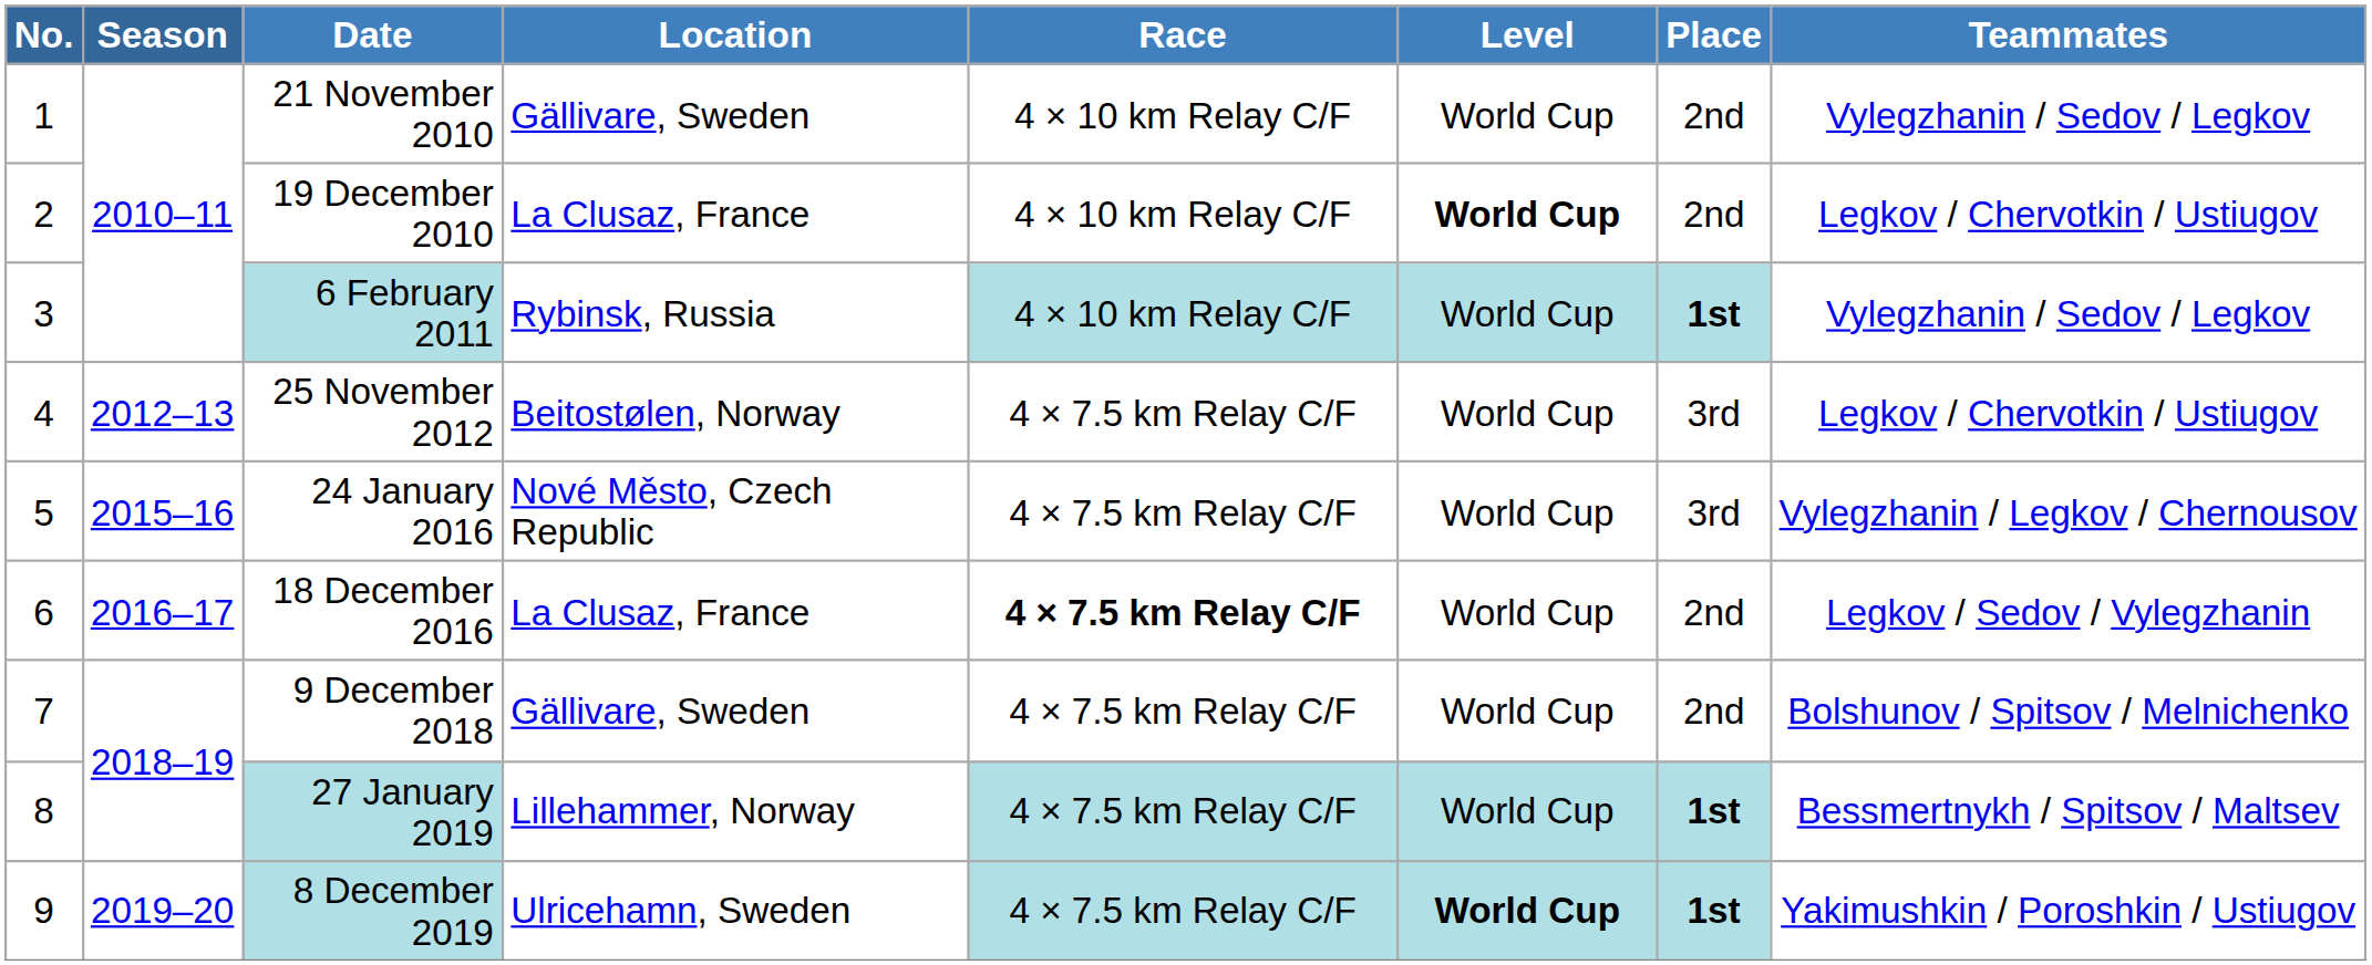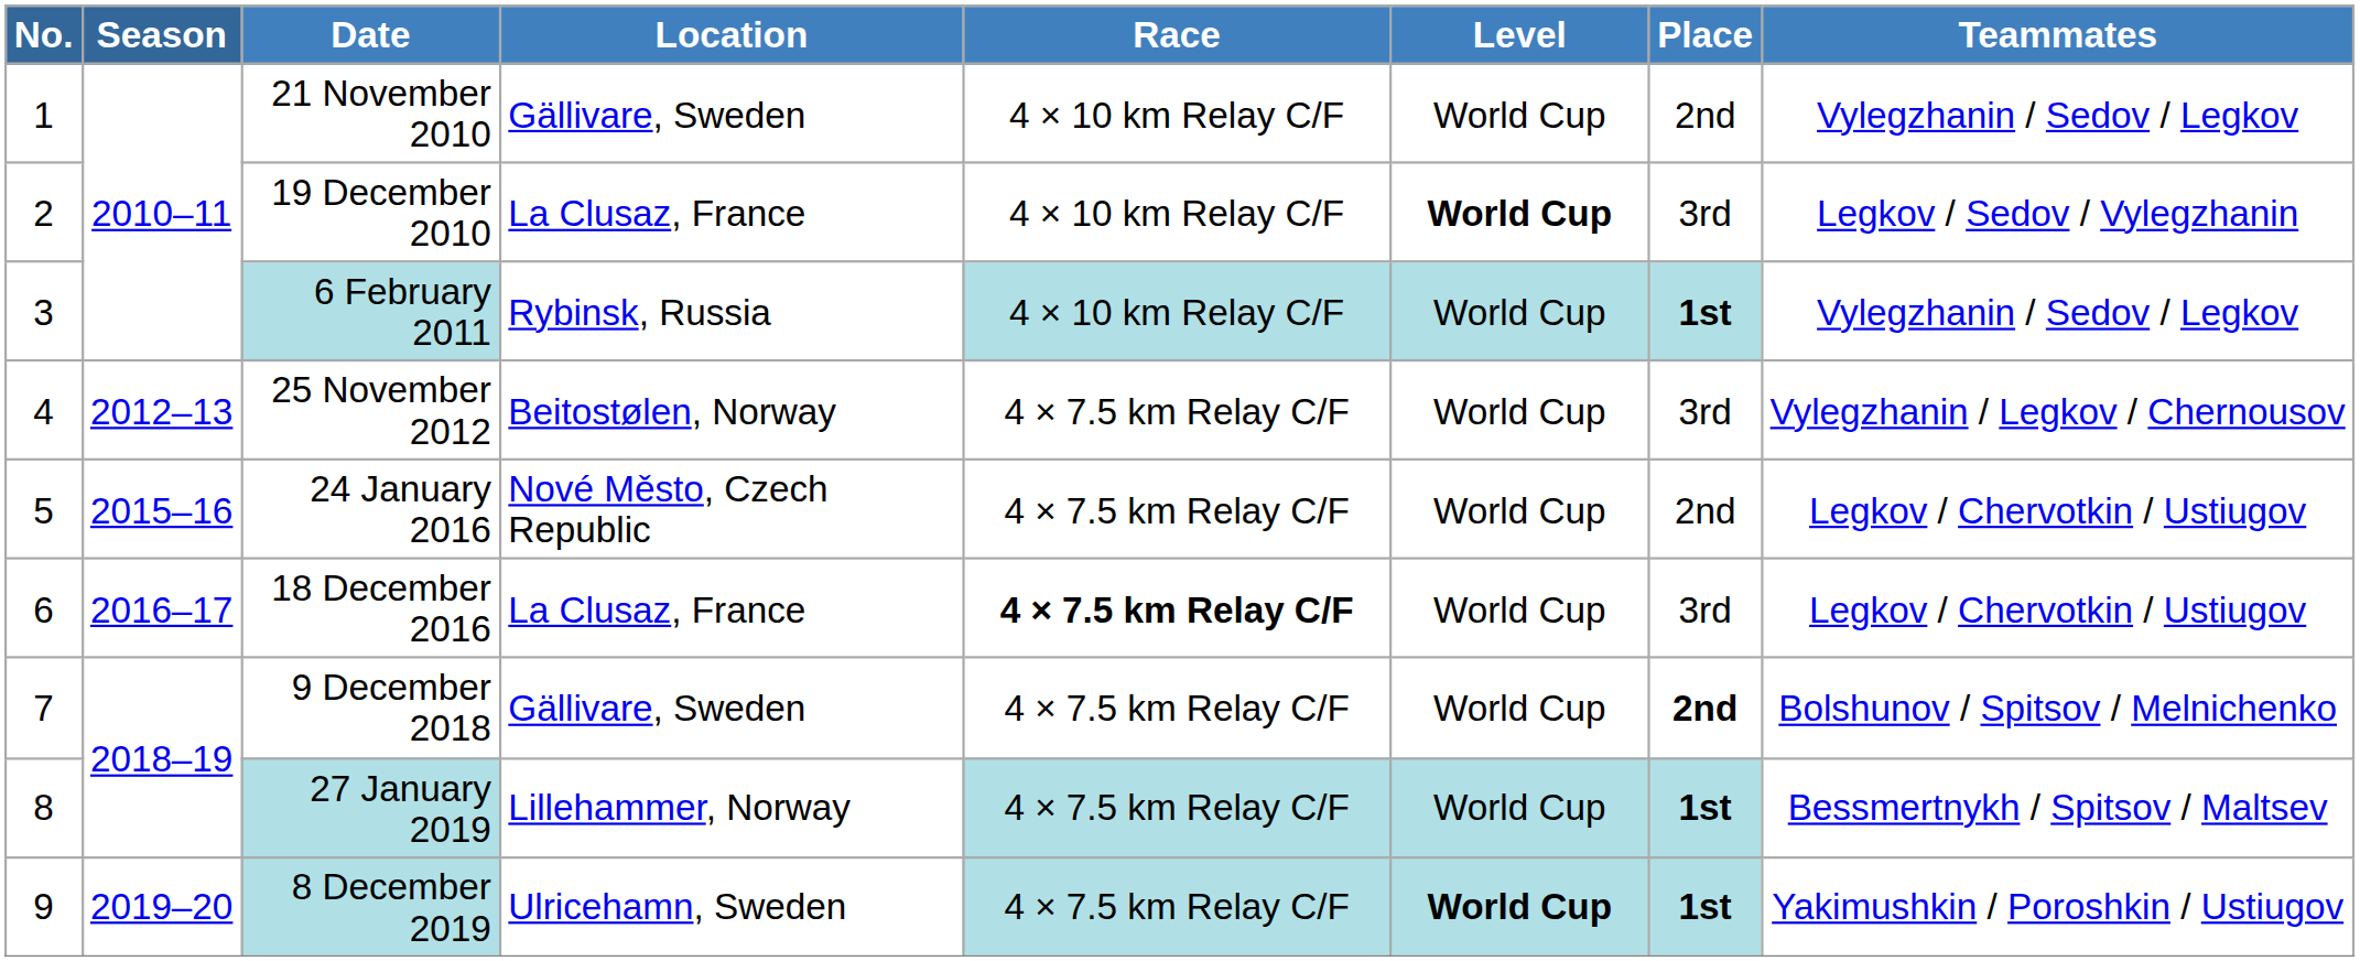 <table class="wikitable sortable" style="font-size:95%; text-align:center; border:grey solid 1px; border-collapse:collapse; background:#ffffff;">
 <tr style="background:#efefef;">
 <th style="background-color:#369; color:white;">No.</th>
 <th style="background-color:#369; color:white;">Season</th>
 <th style="background-color:#4180be; color:white; width:100px;">Date</th>
 <th style="background-color:#4180be; color:white; width:185px;">Location</th>
 <th style="background-color:#4180be; color:white; width:170px;">Race</th>
 <th style="background-color:#4180be; color:white; width:100px;">Level</th>
 <th style="background-color:#4180be; color:white;">Place</th>
 <th style="background-color:#4180be; color:white;">Teammates</th>
 </tr>
 <tr>
 <td align=center>1</td>
 <td rowspan=3 align=center><a href='#'>2010–11</a></td>
 <td align=right>21 November 2010</td>
 <td align=left> <a href='#'>Gällivare</a>, Sweden</td>
 <td>4 × 10 km Relay C/F</td>
 <td>World Cup</td>
 <td>2nd</td>
 <td><a href='#'>Vylegzhanin</a> / <a href='#'>Sedov</a> / <a href='#'>Legkov</a></td>
 </tr>
 <tr>
 <td align=center>2</td>
 <td align=right>19 December 2010</td>
 <td align=left> <a href='#'>La Clusaz</a>, France</td>
 <td>4 × 10 km Relay C/F</td>
 <td><strong>World Cup</strong></td>
-<td>2nd</td>
-<td><a href='#'>Legkov</a> / <a href='#'>Chervotkin</a> / <a href='#'>Ustiugov</a></td>
+<td>3rd</td>
+<td><a href='#'>Legkov</a> / <a href='#'>Sedov</a> / <a href='#'>Vylegzhanin</a></td>
 </tr>
 <tr>
 <td align=center>3</td>
 <td bgcolor="#BOEOE6" align=right>6 February 2011</td>
 <td align=left> <a href='#'>Rybinsk</a>, Russia</td>
 <td bgcolor="#BOEOE6">4 × 10 km Relay C/F</td>
 <td bgcolor="#BOEOE6">World Cup</td>
 <td bgcolor="#BOEOE6"><strong>1st</strong></td>
 <td><a href='#'>Vylegzhanin</a> / <a href='#'>Sedov</a> / <a href='#'>Legkov</a></td>
 </tr>
 <tr>
 <td align=center>4</td>
 <td rowspan=1 align=center><a href='#'>2012–13</a></td>
 <td align=right>25 November 2012</td>
 <td align=left> <a href='#'>Beitostølen</a>, Norway</td>
 <td>4 × 7.5 km Relay C/F</td>
 <td>World Cup</td>
 <td>3rd</td>
-<td><a href='#'>Legkov</a> / <a href='#'>Chervotkin</a> / <a href='#'>Ustiugov</a></td>
+<td><a href='#'>Vylegzhanin</a> / <a href='#'>Legkov</a> / <a href='#'>Chernousov</a></td>
 </tr>
 <tr>
 <td align=center>5</td>
 <td rowspan=1 align=center><a href='#'>2015–16</a></td>
 <td align=right>24 January 2016</td>
 <td align=left> <a href='#'>Nové Město</a>, Czech Republic</td>
 <td>4 × 7.5 km Relay C/F</td>
 <td>World Cup</td>
-<td>3rd</td>
-<td><a href='#'>Vylegzhanin</a> / <a href='#'>Legkov</a> / <a href='#'>Chernousov</a></td>
+<td>2nd</td>
+<td><a href='#'>Legkov</a> / <a href='#'>Chervotkin</a> / <a href='#'>Ustiugov</a></td>
 </tr>
 <tr>
 <td align=center>6</td>
 <td rowspan=1 align=center><a href='#'>2016–17</a></td>
 <td align=right>18 December 2016</td>
 <td align=left> <a href='#'>La Clusaz</a>, France</td>
 <td><strong>4 × 7.5 km Relay C/F</strong></td>
 <td>World Cup</td>
-<td>2nd</td>
-<td><a href='#'>Legkov</a> / <a href='#'>Sedov</a> / <a href='#'>Vylegzhanin</a></td>
+<td>3rd</td>
+<td><a href='#'>Legkov</a> / <a href='#'>Chervotkin</a> / <a href='#'>Ustiugov</a></td>
 </tr>
 <tr>
 <td align=center>7</td>
 <td rowspan=2 align=center><a href='#'>2018–19</a></td>
 <td align=right>9 December 2018</td>
 <td align=left> <a href='#'>Gällivare</a>, Sweden</td>
 <td>4 × 7.5 km Relay C/F</td>
 <td>World Cup</td>
-<td>2nd</td>
+<td><strong>2nd</strong></td>
 <td><a href='#'>Bolshunov</a> / <a href='#'>Spitsov</a> / <a href='#'>Melnichenko</a></td>
 </tr>
 <tr>
 <td align=center>8</td>
 <td bgcolor="#BOEOE6" align=right>27 January 2019</td>
 <td align=left> <a href='#'>Lillehammer</a>, Norway</td>
 <td bgcolor="#BOEOE6">4 × 7.5 km Relay C/F</td>
 <td bgcolor="#BOEOE6">World Cup</td>
 <td bgcolor="#BOEOE6"><strong>1st</strong></td>
 <td><a href='#'>Bessmertnykh</a> / <a href='#'>Spitsov</a> / <a href='#'>Maltsev</a></td>
 </tr>
 <tr>
 <td align=center>9</td>
 <td rowspan=1 align=center><a href='#'>2019–20</a></td>
 <td bgcolor="#BOEOE6" align=right>8 December 2019</td>
 <td align=left> <a href='#'>Ulricehamn</a>, Sweden</td>
 <td bgcolor="#BOEOE6">4 × 7.5 km Relay C/F</td>
 <td bgcolor="#BOEOE6"><strong>World Cup</strong></td>
 <td bgcolor="#BOEOE6"><strong>1st</strong></td>
 <td><a href='#'>Yakimushkin</a> / <a href='#'>Poroshkin</a> / <a href='#'>Ustiugov</a></td>
 </tr>
 <tr>
 </tr>
 </table>
